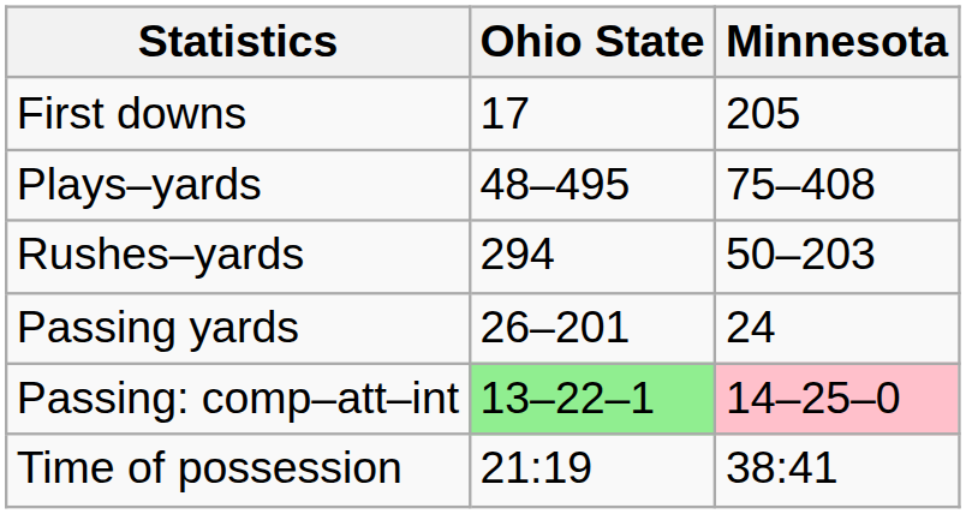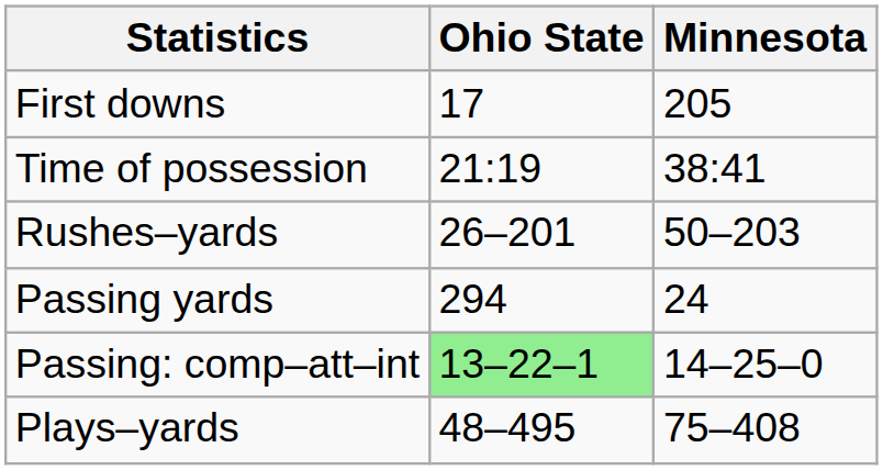 <table class="wikitable" style="float:left">
 <tr>
 <th>Statistics</th>
 <th>Ohio State</th>
 <th>Minnesota</th>
 </tr>
 <tr>
 <td>First downs</td>
 <td>17</td>
 <td>205</td>
 </tr>
 <tr>
-<td>Plays–yards</td>
-<td>48–495</td>
-<td>75–408</td>
+<td>Time of possession</td>
+<td>21:19</td>
+<td>38:41</td>
 </tr>
 <tr>
 <td>Rushes–yards</td>
-<td>294</td>
+<td>26–201</td>
 <td>50–203</td>
 </tr>
 <tr>
 <td>Passing yards</td>
-<td>26–201</td>
+<td>294</td>
 <td>24</td>
 </tr>
 <tr>
 <td>Passing: comp–att–int</td>
 <td style="background: lightgreen;">13–22–1</td>
-<td style="background: pink;">14–25–0</td>
+<td>14–25–0</td>
 </tr>
 <tr>
-<td>Time of possession</td>
-<td>21:19</td>
-<td>38:41</td>
+<td>Plays–yards</td>
+<td>48–495</td>
+<td>75–408</td>
 </tr>
 </table>
